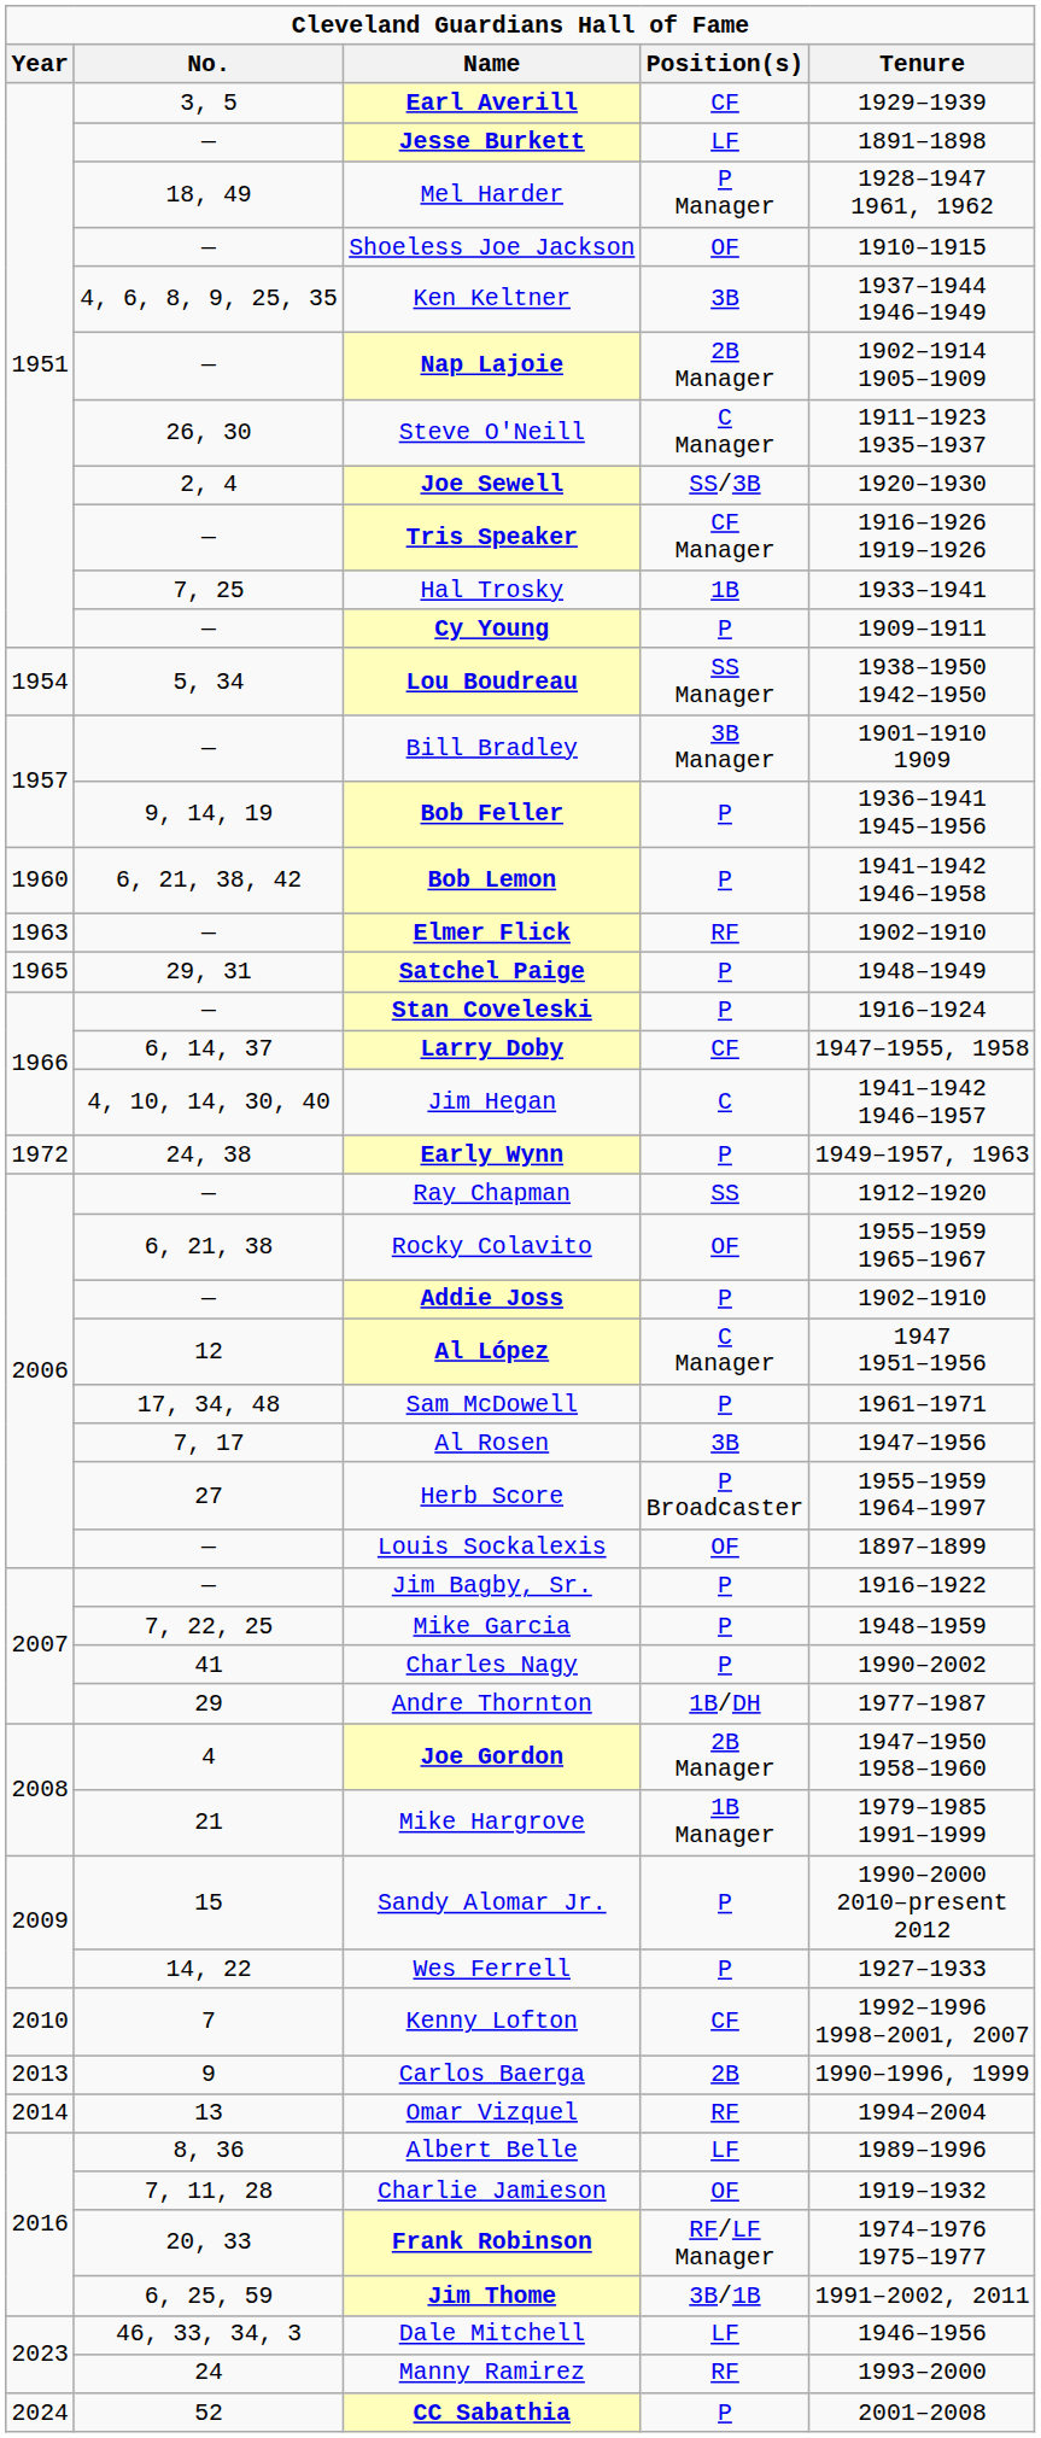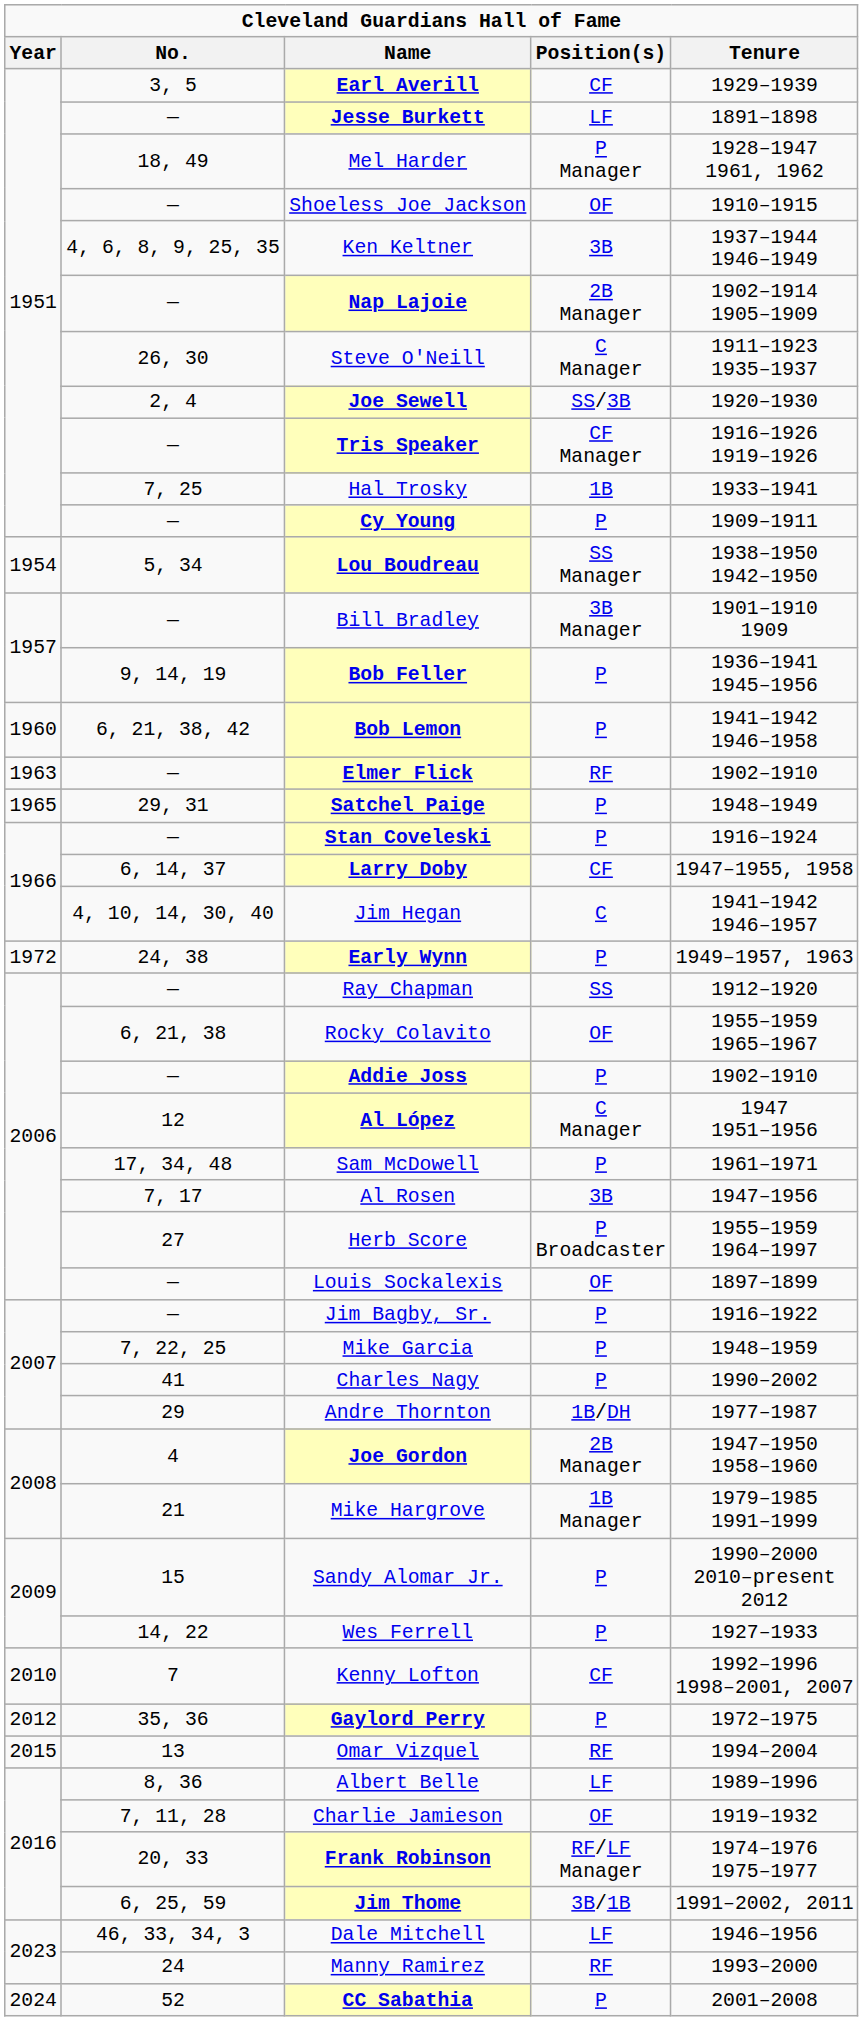 <table class="wikitable" style="text-align:center">
 <tr>
 <td colspan="5"><strong>Cleveland Guardians Hall of Fame</strong></td>
 </tr>
 <tr>
 <th scope="col">Year</th>
 <th scope="col">No.</th>
 <th scope="col">Name</th>
 <th scope="col">Position(s)</th>
 <th scope="col">Tenure</th>
 </tr>
 <tr>
 <td rowspan=11>1951</td>
 <td>3, 5</td>
 <td style="background:#ffb;"><strong><a href='#'>Earl Averill</a></strong></td>
 <td><a href='#'>CF</a></td>
 <td>1929–1939</td>
 </tr>
 <tr>
 <td>—</td>
 <td style="background:#ffb;"><strong><a href='#'>Jesse Burkett</a></strong></td>
 <td><a href='#'>LF</a></td>
 <td>1891–1898</td>
 </tr>
 <tr>
 <td>18, 49</td>
 <td><a href='#'>Mel Harder</a></td>
 <td><a href='#'>P</a><br>Manager</td>
 <td>1928–1947<br>1961, 1962</td>
 </tr>
 <tr>
 <td>—</td>
 <td><a href='#'>Shoeless Joe Jackson</a></td>
 <td><a href='#'>OF</a></td>
 <td>1910–1915</td>
 </tr>
 <tr>
 <td>4, 6, 8, 9, 25, 35</td>
 <td><a href='#'>Ken Keltner</a></td>
 <td><a href='#'>3B</a></td>
 <td>1937–1944<br>1946–1949</td>
 </tr>
 <tr>
 <td>—</td>
 <td style="background:#ffb;"><strong><a href='#'>Nap Lajoie</a></strong></td>
 <td><a href='#'>2B</a><br>Manager</td>
 <td>1902–1914<br>1905–1909</td>
 </tr>
 <tr>
 <td>26, 30</td>
 <td><a href='#'>Steve O'Neill</a></td>
 <td><a href='#'>C</a><br>Manager</td>
 <td>1911–1923<br>1935–1937</td>
 </tr>
 <tr>
 <td>2, 4</td>
 <td style="background:#ffb;"><strong><a href='#'>Joe Sewell</a></strong></td>
 <td><a href='#'>SS</a>/<a href='#'>3B</a></td>
 <td>1920–1930</td>
 </tr>
 <tr>
 <td>—</td>
 <td style="background:#ffb;"><strong><a href='#'>Tris Speaker</a></strong></td>
 <td><a href='#'>CF</a><br>Manager</td>
 <td>1916–1926<br>1919–1926</td>
 </tr>
 <tr>
 <td>7, 25</td>
 <td><a href='#'>Hal Trosky</a></td>
 <td><a href='#'>1B</a></td>
 <td>1933–1941</td>
 </tr>
 <tr>
 <td>—</td>
 <td style="background:#ffb;"><strong><a href='#'>Cy Young</a></strong></td>
 <td><a href='#'>P</a></td>
 <td>1909–1911</td>
 </tr>
 <tr>
 <td>1954</td>
 <td>5, 34</td>
 <td style="background:#ffb;"><strong><a href='#'>Lou Boudreau</a></strong></td>
 <td><a href='#'>SS</a><br>Manager</td>
 <td>1938–1950<br>1942–1950</td>
 </tr>
 <tr>
 <td rowspan=2>1957</td>
 <td>—</td>
 <td><a href='#'>Bill Bradley</a></td>
 <td><a href='#'>3B</a><br>Manager</td>
 <td>1901–1910<br>1909</td>
 </tr>
 <tr>
 <td>9, 14, 19</td>
 <td style="background:#ffb;"><strong><a href='#'>Bob Feller</a></strong></td>
 <td><a href='#'>P</a></td>
 <td>1936–1941<br>1945–1956</td>
 </tr>
 <tr>
 <td>1960</td>
 <td>6, 21, 38, 42</td>
 <td style="background:#ffb;"><strong><a href='#'>Bob Lemon</a></strong></td>
 <td><a href='#'>P</a></td>
 <td>1941–1942<br>1946–1958</td>
 </tr>
 <tr>
 <td>1963</td>
 <td>—</td>
 <td style="background:#ffb;"><strong><a href='#'>Elmer Flick</a></strong></td>
 <td><a href='#'>RF</a></td>
 <td>1902–1910</td>
 </tr>
 <tr>
 <td>1965</td>
 <td>29, 31</td>
 <td style="background:#ffb;"><strong><a href='#'>Satchel Paige</a></strong></td>
 <td><a href='#'>P</a></td>
 <td>1948–1949</td>
 </tr>
 <tr>
 <td rowspan=3>1966</td>
 <td>—</td>
 <td style="background:#ffb;"><strong><a href='#'>Stan Coveleski</a></strong></td>
 <td><a href='#'>P</a></td>
 <td>1916–1924</td>
 </tr>
 <tr>
 <td>6, 14, 37</td>
 <td style="background:#ffb;"><strong><a href='#'>Larry Doby</a></strong></td>
 <td><a href='#'>CF</a></td>
 <td>1947–1955, 1958</td>
 </tr>
 <tr>
 <td>4, 10, 14, 30, 40</td>
 <td><a href='#'>Jim Hegan</a></td>
 <td><a href='#'>C</a></td>
 <td>1941–1942<br>1946–1957</td>
 </tr>
 <tr>
 <td>1972</td>
 <td>24, 38</td>
 <td style="background:#ffb;"><strong><a href='#'>Early Wynn</a></strong></td>
 <td><a href='#'>P</a></td>
 <td>1949–1957, 1963</td>
 </tr>
 <tr>
 <td rowspan=8>2006</td>
 <td>—</td>
 <td><a href='#'>Ray Chapman</a></td>
 <td><a href='#'>SS</a></td>
 <td>1912–1920</td>
 </tr>
 <tr>
 <td>6, 21, 38</td>
 <td><a href='#'>Rocky Colavito</a></td>
 <td><a href='#'>OF</a></td>
 <td>1955–1959<br>1965–1967</td>
 </tr>
 <tr>
 <td>—</td>
 <td style="background:#ffb;"><strong><a href='#'>Addie Joss</a></strong></td>
 <td><a href='#'>P</a></td>
 <td>1902–1910</td>
 </tr>
 <tr>
 <td>12</td>
 <td style="background:#ffb;"><strong><a href='#'>Al López</a></strong></td>
 <td><a href='#'>C</a><br>Manager</td>
 <td>1947<br>1951–1956</td>
 </tr>
 <tr>
 <td>17, 34, 48</td>
 <td><a href='#'>Sam McDowell</a></td>
 <td><a href='#'>P</a></td>
 <td>1961–1971</td>
 </tr>
 <tr>
 <td>7, 17</td>
 <td><a href='#'>Al Rosen</a></td>
 <td><a href='#'>3B</a></td>
 <td>1947–1956</td>
 </tr>
 <tr>
 <td>27</td>
 <td><a href='#'>Herb Score</a></td>
 <td><a href='#'>P</a><br>Broadcaster</td>
 <td>1955–1959<br>1964–1997</td>
 </tr>
 <tr>
 <td>—</td>
 <td><a href='#'>Louis Sockalexis</a></td>
 <td><a href='#'>OF</a></td>
 <td>1897–1899</td>
 </tr>
 <tr>
 <td rowspan=4>2007</td>
 <td>—</td>
 <td><a href='#'>Jim Bagby, Sr.</a></td>
 <td><a href='#'>P</a></td>
 <td>1916–1922</td>
 </tr>
 <tr>
 <td>7, 22, 25</td>
 <td><a href='#'>Mike Garcia</a></td>
 <td><a href='#'>P</a></td>
 <td>1948–1959</td>
 </tr>
 <tr>
 <td>41</td>
 <td><a href='#'>Charles Nagy</a></td>
 <td><a href='#'>P</a></td>
 <td>1990–2002</td>
 </tr>
 <tr>
 <td>29</td>
 <td><a href='#'>Andre Thornton</a></td>
 <td><a href='#'>1B</a>/<a href='#'>DH</a></td>
 <td>1977–1987</td>
 </tr>
 <tr>
 <td rowspan=2>2008</td>
 <td>4</td>
 <td style="background:#ffb;"><strong><a href='#'>Joe Gordon</a></strong></td>
 <td><a href='#'>2B</a><br>Manager</td>
 <td>1947–1950<br>1958–1960</td>
 </tr>
 <tr>
 <td>21</td>
 <td><a href='#'>Mike Hargrove</a></td>
 <td><a href='#'>1B</a><br>Manager</td>
 <td>1979–1985<br>1991–1999</td>
 </tr>
 <tr>
 <td rowspan=2>2009</td>
 <td>15</td>
 <td><a href='#'>Sandy Alomar Jr.</a></td>
 <td><a href='#'>P</a></td>
 <td>1990–2000<br>2010–present<br>2012</td>
 </tr>
 <tr>
 <td>14, 22</td>
 <td><a href='#'>Wes Ferrell</a></td>
 <td><a href='#'>P</a></td>
 <td>1927–1933</td>
 </tr>
 <tr>
 <td>2010</td>
 <td>7</td>
 <td><a href='#'>Kenny Lofton</a></td>
 <td><a href='#'>CF</a></td>
 <td>1992–1996<br>1998–2001, 2007</td>
 </tr>
 <tr>
-<td>2013</td>
-<td>9</td>
-<td><a href='#'>Carlos Baerga</a></td>
-<td><a href='#'>2B</a></td>
-<td>1990–1996, 1999</td>
+<td>2012</td>
+<td>35, 36</td>
+<td style="background:#ffb;"><strong><a href='#'>Gaylord Perry</a></strong></td>
+<td><a href='#'>P</a></td>
+<td>1972–1975</td>
 </tr>
 <tr>
-<td>2014</td>
+<td>2015</td>
 <td>13</td>
 <td><a href='#'>Omar Vizquel</a></td>
 <td><a href='#'>RF</a></td>
 <td>1994–2004</td>
 </tr>
 <tr>
 <td rowspan=4>2016</td>
 <td>8, 36</td>
 <td><a href='#'>Albert Belle</a></td>
 <td><a href='#'>LF</a></td>
 <td>1989–1996</td>
 </tr>
 <tr>
 <td>7, 11, 28</td>
 <td><a href='#'>Charlie Jamieson</a></td>
 <td><a href='#'>OF</a></td>
 <td>1919–1932</td>
 </tr>
 <tr>
 <td>20, 33</td>
 <td style="background:#ffb;"><strong><a href='#'>Frank Robinson</a></strong></td>
 <td><a href='#'>RF</a>/<a href='#'>LF</a><br>Manager</td>
 <td>1974–1976<br>1975–1977</td>
 </tr>
 <tr>
 <td>6, 25, 59</td>
 <td style="background:#ffb;"><strong><a href='#'>Jim Thome</a></strong></td>
 <td><a href='#'>3B</a>/<a href='#'>1B</a></td>
 <td>1991–2002, 2011</td>
 </tr>
 <tr>
 <td rowspan=2>2023</td>
 <td>46, 33, 34, 3</td>
 <td><a href='#'>Dale Mitchell</a></td>
 <td><a href='#'>LF</a></td>
 <td>1946–1956</td>
 </tr>
 <tr>
 <td>24</td>
 <td><a href='#'>Manny Ramirez</a></td>
 <td><a href='#'>RF</a></td>
 <td>1993–2000</td>
 </tr>
 <tr>
 <td>2024</td>
 <td>52</td>
 <td style="background:#ffb;"><strong><a href='#'>CC Sabathia</a></strong></td>
 <td><a href='#'>P</a></td>
 <td>2001–2008</td>
 </tr>
 </table>
